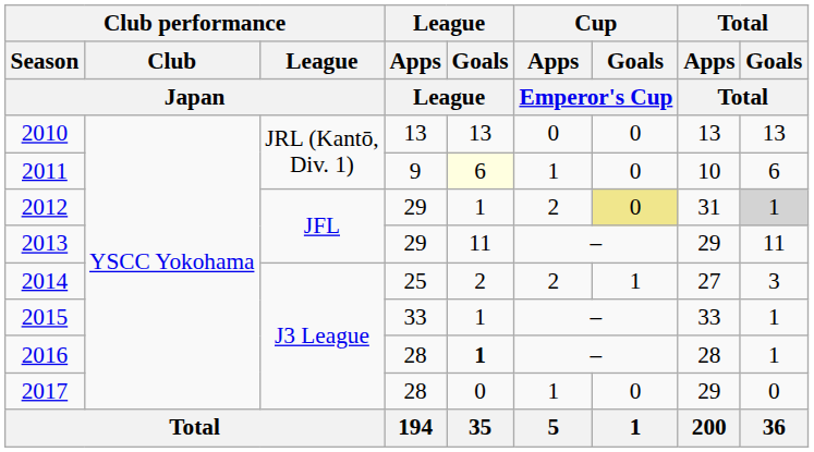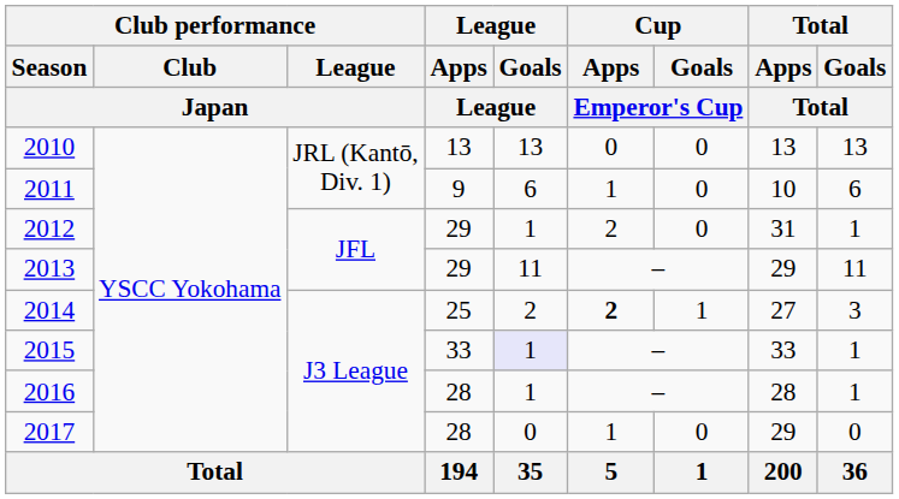 <table class="wikitable" style="text-align:center;">
 <tr>
 <th colspan=3>Club performance</th>
 <th colspan=2>League</th>
 <th colspan=2>Cup</th>
 <th colspan=2>Total</th>
 </tr>
 <tr>
 <th>Season</th>
 <th>Club</th>
 <th>League</th>
 <th>Apps</th>
 <th>Goals</th>
 <th>Apps</th>
 <th>Goals</th>
 <th>Apps</th>
 <th>Goals</th>
 </tr>
 <tr>
 <th colspan=3>Japan</th>
 <th colspan=2>League</th>
 <th colspan=2><a href='#'>Emperor's Cup</a></th>
 <th colspan=2>Total</th>
 </tr>
 <tr>
 <td><a href='#'>2010</a></td>
 <td rowspan="8"><a href='#'>YSCC Yokohama</a></td>
 <td rowspan="2">JRL (Kantō,<br>Div. 1)</td>
 <td>13</td>
 <td>13</td>
 <td>0</td>
 <td>0</td>
 <td>13</td>
 <td>13</td>
 </tr>
 <tr>
 <td><a href='#'>2011</a></td>
 <td>9</td>
-<td style="background: lightyellow;">6</td>
+<td>6</td>
 <td>1</td>
 <td>0</td>
 <td>10</td>
 <td>6</td>
 </tr>
 <tr>
 <td><a href='#'>2012</a></td>
 <td rowspan="2"><a href='#'>JFL</a></td>
 <td>29</td>
 <td>1</td>
 <td>2</td>
-<td style="background: khaki;">0</td>
+<td>0</td>
 <td>31</td>
-<td style="background: lightgrey;">1</td>
+<td>1</td>
 </tr>
 <tr>
 <td><a href='#'>2013</a></td>
 <td>29</td>
 <td>11</td>
 <td colspan="2">–</td>
 <td>29</td>
 <td>11</td>
 </tr>
 <tr>
 <td><a href='#'>2014</a></td>
 <td rowspan="4"><a href='#'>J3 League</a></td>
 <td>25</td>
 <td>2</td>
-<td>2</td>
+<td><strong>2</strong></td>
 <td>1</td>
 <td>27</td>
 <td>3</td>
 </tr>
 <tr>
 <td><a href='#'>2015</a></td>
 <td>33</td>
-<td>1</td>
+<td style="background: lavender;">1</td>
 <td colspan="2">–</td>
 <td>33</td>
 <td>1</td>
 </tr>
 <tr>
 <td><a href='#'>2016</a></td>
 <td>28</td>
-<td><strong>1</strong></td>
+<td>1</td>
 <td colspan="2">–</td>
 <td>28</td>
 <td>1</td>
 </tr>
 <tr>
 <td><a href='#'>2017</a></td>
 <td>28</td>
 <td>0</td>
 <td>1</td>
 <td>0</td>
 <td>29</td>
 <td>0</td>
 </tr>
 <tr>
 <th colspan=3>Total</th>
 <th>194</th>
 <th>35</th>
 <th>5</th>
 <th>1</th>
 <th>200</th>
 <th>36</th>
 </tr>
 </table>
